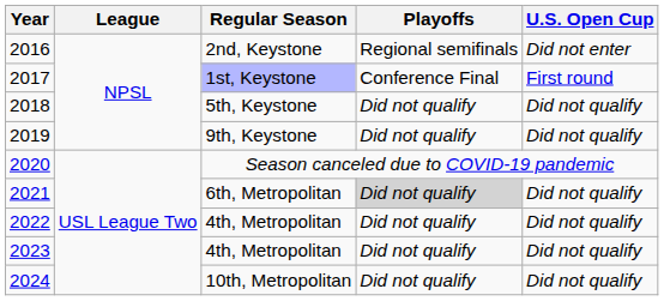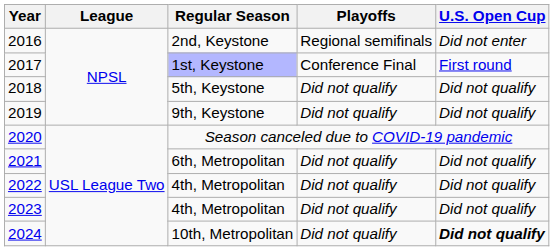 <table class="wikitable">
 <tr>
 <th>Year</th>
 <th>League</th>
 <th>Regular Season</th>
 <th>Playoffs</th>
 <th><a href='#'>U.S. Open Cup</a></th>
 </tr>
 <tr>
 <td>2016</td>
 <td align=center rowspan=4><a href='#'>NPSL</a></td>
 <td>2nd, Keystone</td>
 <td>Regional semifinals</td>
 <td><em>Did not enter</em></td>
 </tr>
 <tr>
 <td>2017</td>
 <td bgcolor="B3B7FF">1st, Keystone</td>
 <td>Conference Final</td>
 <td><a href='#'>First round</a></td>
 </tr>
 <tr>
 <td>2018</td>
 <td>5th, Keystone</td>
 <td><em>Did not qualify</em></td>
 <td><em>Did not qualify</em></td>
 </tr>
 <tr>
 <td>2019</td>
 <td>9th, Keystone</td>
 <td><em>Did not qualify</em></td>
 <td><em>Did not qualify</em></td>
 </tr>
 <tr>
 <td><a href='#'>2020</a></td>
 <td align=center rowspan=5><a href='#'>USL League Two</a></td>
 <td align=center colspan=4><em>Season canceled due to <a href='#'>COVID-19 pandemic</a></em></td>
 </tr>
 <tr>
 <td><a href='#'>2021</a></td>
 <td>6th, Metropolitan</td>
-<td style="background: lightgrey;"><em>Did not qualify</em></td>
+<td><em>Did not qualify</em></td>
 <td><em>Did not qualify</em></td>
 </tr>
 <tr>
 <td><a href='#'>2022</a></td>
 <td>4th, Metropolitan</td>
 <td><em>Did not qualify</em></td>
 <td><em>Did not qualify</em></td>
 </tr>
 <tr>
 <td><a href='#'>2023</a></td>
 <td>4th, Metropolitan</td>
 <td><em>Did not qualify</em></td>
 <td><em>Did not qualify</em></td>
 </tr>
 <tr>
 <td><a href='#'>2024</a></td>
 <td>10th, Metropolitan</td>
 <td><em>Did not qualify</em></td>
-<td><em>Did not qualify</em></td>
+<td><strong><em>Did not qualify</em></strong></td>
 </tr>
 </table>
